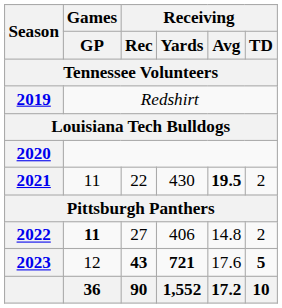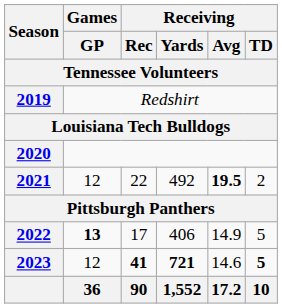 <table class="wikitable" style="text-align:center;">
 <tr>
 <th rowspan="2">Season</th>
 <th>Games</th>
 <th colspan="4">Receiving</th>
 </tr>
 <tr>
 <th>GP</th>
 <th>Rec</th>
 <th>Yards</th>
 <th>Avg</th>
 <th>TD</th>
 </tr>
 <tr>
 <th colspan="6">Tennessee Volunteers</th>
 </tr>
 <tr>
 <th><a href='#'>2019</a></th>
 <td colspan="5"><em>Redshirt </em></td>
 </tr>
 <tr>
 <th colspan="6">Louisiana Tech Bulldogs</th>
 </tr>
 <tr>
 <th><a href='#'>2020</a></th>
 <td colspan="5"></td>
 </tr>
 <tr>
 <th><a href='#'>2021</a></th>
-<td>11</td>
+<td>12</td>
 <td>22</td>
-<td>430</td>
+<td>492</td>
 <td><strong>19.5</strong></td>
 <td>2</td>
 </tr>
 <tr>
 <th colspan="6">Pittsburgh Panthers</th>
 </tr>
 <tr>
 <th><a href='#'>2022</a></th>
-<td><strong>11</strong></td>
-<td>27</td>
+<td><strong>13</strong></td>
+<td>17</td>
 <td>406</td>
-<td>14.8</td>
-<td>2</td>
+<td>14.9</td>
+<td>5</td>
 </tr>
 <tr>
 <th><a href='#'>2023</a></th>
 <td>12</td>
-<td><strong>43</strong></td>
+<td><strong>41</strong></td>
 <td><strong>721</strong></td>
-<td>17.6</td>
+<td>14.6</td>
 <td><strong>5</strong></td>
 </tr>
 <tr>
 <th></th>
 <th>36</th>
 <th>90</th>
 <th>1,552</th>
 <th>17.2</th>
 <th>10</th>
 </tr>
 </table>
